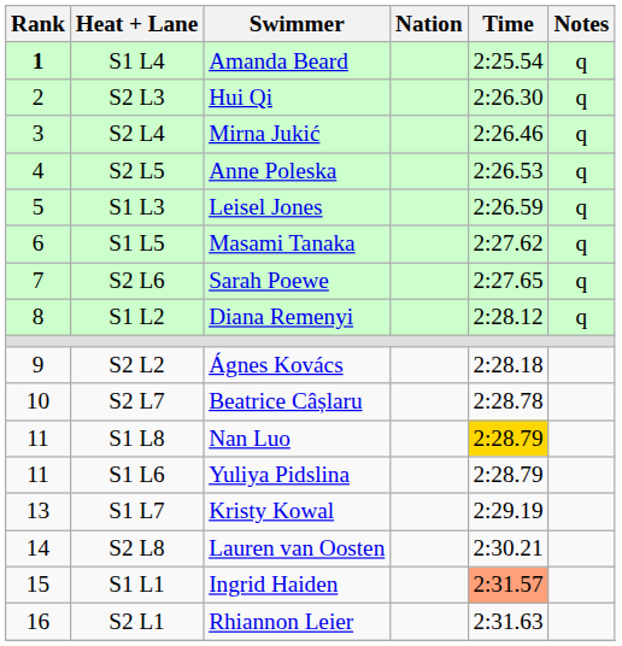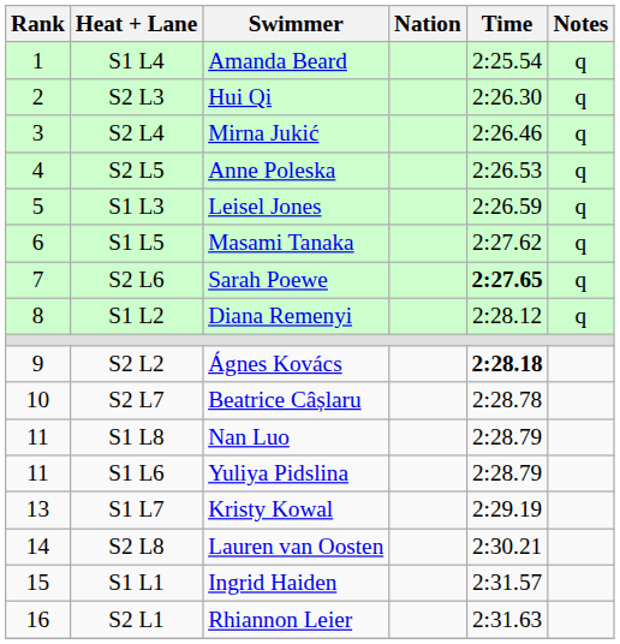 <table class="wikitable sortable" style="text-align:center">
 <tr>
 <th>Rank</th>
 <th>Heat + Lane</th>
 <th>Swimmer</th>
 <th>Nation</th>
 <th>Time</th>
 <th>Notes</th>
 </tr>
 <tr bgcolor=ccffcc>
-<td><strong>1</strong></td>
+<td>1</td>
 <td>S1 L4</td>
 <td align=left><a href='#'>Amanda Beard</a></td>
 <td align=left></td>
 <td>2:25.54</td>
 <td>q</td>
 </tr>
 <tr bgcolor=ccffcc>
 <td>2</td>
 <td>S2 L3</td>
 <td align=left><a href='#'>Hui Qi</a></td>
 <td align=left></td>
 <td>2:26.30</td>
 <td>q</td>
 </tr>
 <tr bgcolor=ccffcc>
 <td>3</td>
 <td>S2 L4</td>
 <td align=left><a href='#'>Mirna Jukić</a></td>
 <td align=left></td>
 <td>2:26.46</td>
 <td>q</td>
 </tr>
 <tr bgcolor=ccffcc>
 <td>4</td>
 <td>S2 L5</td>
 <td align=left><a href='#'>Anne Poleska</a></td>
 <td align=left></td>
 <td>2:26.53</td>
 <td>q</td>
 </tr>
 <tr bgcolor=ccffcc>
 <td>5</td>
 <td>S1 L3</td>
 <td align=left><a href='#'>Leisel Jones</a></td>
 <td align=left></td>
 <td>2:26.59</td>
 <td>q</td>
 </tr>
 <tr bgcolor=ccffcc>
 <td>6</td>
 <td>S1 L5</td>
 <td align=left><a href='#'>Masami Tanaka</a></td>
 <td align=left></td>
 <td>2:27.62</td>
 <td>q</td>
 </tr>
 <tr bgcolor=ccffcc>
 <td>7</td>
 <td>S2 L6</td>
 <td align=left><a href='#'>Sarah Poewe</a></td>
 <td align=left></td>
-<td>2:27.65</td>
+<td><strong>2:27.65</strong></td>
 <td>q</td>
 </tr>
 <tr bgcolor=ccffcc>
 <td>8</td>
 <td>S1 L2</td>
 <td align=left><a href='#'>Diana Remenyi</a></td>
 <td align=left></td>
 <td>2:28.12</td>
 <td>q</td>
 </tr>
 <tr bgcolor=#DDDDDD>
 <td colspan=6></td>
 </tr>
 <tr>
 <td>9</td>
 <td>S2 L2</td>
 <td align=left><a href='#'>Ágnes Kovács</a></td>
 <td align=left></td>
-<td>2:28.18</td>
+<td><strong>2:28.18</strong></td>
 <td></td>
 </tr>
 <tr>
 <td>10</td>
 <td>S2 L7</td>
 <td align=left><a href='#'>Beatrice Câșlaru</a></td>
 <td align=left></td>
 <td>2:28.78</td>
 <td></td>
 </tr>
 <tr>
 <td>11</td>
 <td>S1 L8</td>
 <td align=left><a href='#'>Nan Luo</a></td>
 <td align=left></td>
-<td style="background: gold;">2:28.79</td>
+<td>2:28.79</td>
 <td></td>
 </tr>
 <tr>
 <td>11</td>
 <td>S1 L6</td>
 <td align=left><a href='#'>Yuliya Pidslina</a></td>
 <td align=left></td>
 <td>2:28.79</td>
 <td></td>
 </tr>
 <tr>
 <td>13</td>
 <td>S1 L7</td>
 <td align=left><a href='#'>Kristy Kowal</a></td>
 <td align=left></td>
 <td>2:29.19</td>
 <td></td>
 </tr>
 <tr>
 <td>14</td>
 <td>S2 L8</td>
 <td align=left><a href='#'>Lauren van Oosten</a></td>
 <td align=left></td>
 <td>2:30.21</td>
 <td></td>
 </tr>
 <tr>
 <td>15</td>
 <td>S1 L1</td>
 <td align=left><a href='#'>Ingrid Haiden</a></td>
 <td align=left></td>
-<td style="background: lightsalmon;">2:31.57</td>
+<td>2:31.57</td>
 <td></td>
 </tr>
 <tr>
 <td>16</td>
 <td>S2 L1</td>
 <td align=left><a href='#'>Rhiannon Leier</a></td>
 <td align=left></td>
 <td>2:31.63</td>
 <td></td>
 </tr>
 <tr>
 </tr>
 </table>
